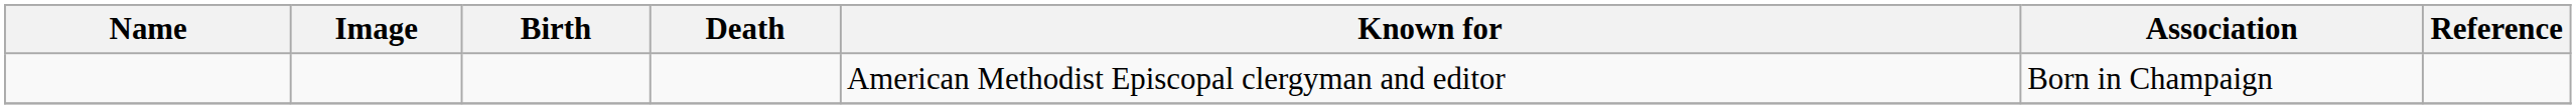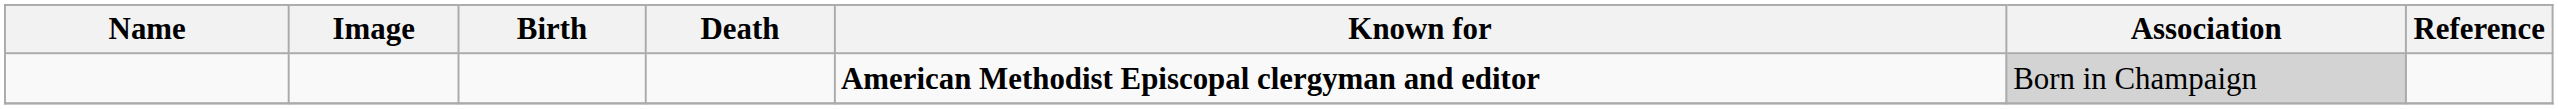 <table class="wikitable sortable">
 <tr>
 <th scope="col" width="140">Name</th>
 <th scope="col" width="80" class="unsortable">Image</th>
 <th scope="col" width="90">Birth</th>
 <th scope="col" width="90">Death</th>
 <th scope="col" width="600" class="unsortable">Known for</th>
 <th scope="col" width="200" class="unsortable">Association</th>
 <th scope="col" width="30" class="unsortable">Reference</th>
 </tr>
 <tr>
 <td></td>
 <td></td>
 <td align=right></td>
 <td align=right></td>
-<td>American Methodist Episcopal clergyman and editor</td>
-<td>Born in Champaign</td>
+<td><strong>American Methodist Episcopal clergyman and editor</strong></td>
+<td style="background: lightgrey;">Born in Champaign</td>
 <td align="center"></td>
 </tr>
 <tr>
 </tr>
 </table>
